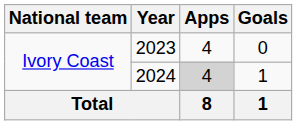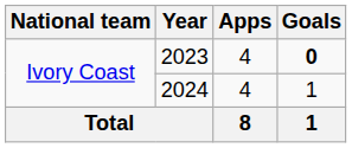 <table class="wikitable" style="text-align:center">
 <tr>
 <th>National team</th>
 <th>Year</th>
 <th>Apps</th>
 <th>Goals</th>
 </tr>
 <tr>
 <td rowspan="2"><a href='#'>Ivory Coast</a></td>
 <td>2023</td>
 <td>4</td>
-<td>0</td>
+<td><strong>0</strong></td>
 </tr>
 <tr>
 <td>2024</td>
-<td style="background: lightgrey;">4</td>
+<td>4</td>
 <td>1</td>
 </tr>
 <tr>
 <th colspan="2">Total</th>
 <th>8</th>
 <th>1</th>
 </tr>
 </table>
